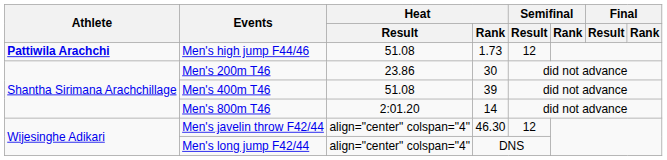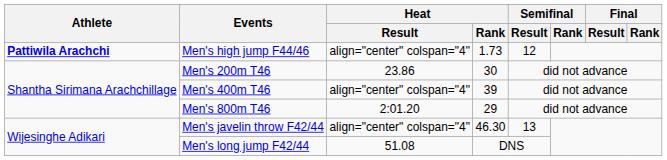 <table class=wikitable style="font-size:90%">
 <tr>
 <th rowspan="2">Athlete</th>
 <th rowspan="2">Events</th>
 <th colspan="2">Heat</th>
 <th colspan="2">Semifinal</th>
 <th colspan="2">Final</th>
 </tr>
 <tr>
 <th>Result</th>
 <th>Rank</th>
 <th>Result</th>
 <th>Rank</th>
 <th>Result</th>
 <th>Rank</th>
 </tr>
 <tr>
 <td><strong><a href='#'>Pattiwila Arachchi</a></strong></td>
 <td><a href='#'>Men's high jump F44/46</a></td>
-<td align="center">51.08</td>
+<td>align="center" colspan="4" </td>
 <td align="center">1.73</td>
 <td align="center">12</td>
 </tr>
 <tr>
 <td rowspan="3"><a href='#'>Shantha Sirimana Arachchillage</a></td>
 <td><a href='#'>Men's 200m T46</a></td>
 <td align="center">23.86</td>
 <td align="center">30</td>
 <td align="center" colspan="4">did not advance</td>
 </tr>
 <tr>
 <td><a href='#'>Men's 400m T46</a></td>
-<td align="center">51.08</td>
+<td>align="center" colspan="4" </td>
 <td align="center">39</td>
 <td align="center" colspan="4">did not advance</td>
 </tr>
 <tr>
 <td><a href='#'>Men's 800m T46</a></td>
 <td align="center">2:01.20</td>
-<td align="center">14</td>
+<td align="center">29</td>
 <td align="center" colspan="4">did not advance</td>
 </tr>
 <tr>
 <td rowspan="2"><a href='#'>Wijesinghe Adikari</a></td>
 <td><a href='#'>Men's javelin throw F42/44</a></td>
 <td>align="center" colspan="4" </td>
 <td align="center">46.30</td>
-<td align="center">12</td>
+<td align="center">13</td>
 </tr>
 <tr>
 <td><a href='#'>Men's long jump F42/44</a></td>
-<td>align="center" colspan="4" </td>
+<td align="center">51.08</td>
 <td align="center" colspan="2">DNS</td>
 </tr>
 </table>
